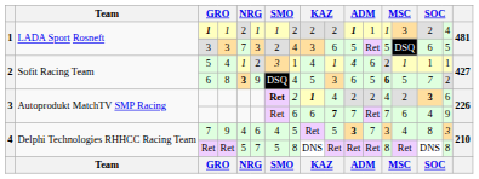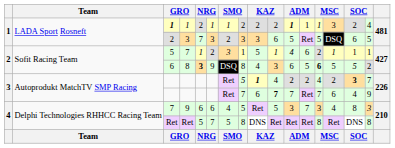 <table align=left| class="wikitable" style="font-size: 85%; text-align: center">
 <tr valign="top">
 <th valign="middle"></th>
 <th valign="middle">Team</th>
 <th colspan=2><a href='#'>GRO</a></th>
 <th colspan=2><a href='#'>NRG</a></th>
 <th colspan=2><a href='#'>SMO</a></th>
 <th colspan=2><a href='#'>KAZ</a></th>
 <th colspan=2><a href='#'>ADM</a></th>
 <th colspan=2><a href='#'>MSC</a></th>
 <th colspan=2><a href='#'>SOC</a></th>
 <th valign="middle"></th>
 </tr>
 <tr>
 <th rowspan="2">1</th>
 <td rowspan="2" align=left><a href='#'>LADA Sport</a> <a href='#'>Rosneft</a></td>
 <td style="background:#ffffbf;"><strong><em>1</em></strong></td>
 <td style="background:#ffffbf;"><em>1</em></td>
 <td style="background:#dfdfdf;">2</td>
 <td style="background:#ffffbf;"><em>1</em></td>
 <td style="background:#ffffbf;"><em>1</em></td>
 <td style="background:#dfdfdf;">2</td>
 <td style="background:#dfdfdf;">2</td>
 <td style="background:#dfdfdf;">2</td>
 <td style="background:#ffffbf;"><strong><em>1</em></strong></td>
 <td style="background:#ffffbf;">1</td>
 <td style="background:#ffffbf;"><em>1</em></td>
 <td style="background:#ffdf9f;">3</td>
 <td style="background:#dfdfdf;">2</td>
 <td style="background:#dfffdf;">4</td>
 <th rowspan="2">481</th>
 </tr>
 <tr>
-<td style="background:#dfdfdf;">3</td>
+<td style="background:#dfdfdf;">2</td>
 <td style="background:#ffdf9f;">3</td>
 <td style="background:#dfffdf;">7</td>
 <td style="background:#ffdf9f;">3</td>
 <td style="background:#dfdfdf;">2</td>
-<td style="background:#ffdf9f;">4</td>
+<td style="background:#ffdf9f;">3</td>
 <td style="background:#ffdf9f;">3</td>
 <td style="background:#dfffdf;">6</td>
 <td style="background:#dfffdf;">5</td>
 <td style="background:#efcfff;">Ret</td>
 <td style="background:#dfffdf;">5</td>
 <td style="background-color:#000000;color:white">DSQ</td>
 <td style="background:#dfffdf;">6</td>
 <td style="background:#dfffdf;">5</td>
 </tr>
 <tr>
 <th rowspan="2">2</th>
 <td rowspan="2" align=left>Sofit Racing Team</td>
 <td style="background:#dfffdf;">5</td>
-<td style="background:#dfffdf;">4</td>
+<td style="background:#dfffdf;">7</td>
 <td style="background:#ffffbf;"><em>1</em></td>
 <td style="background:#dfdfdf;">2</td>
 <td style="background:#ffdf9f;"><em>3</em></td>
 <td style="background:#ffffbf;">1</td>
-<td style="background:#dfffdf;">4</td>
+<td style="background:#dfffdf;">5</td>
 <td style="background:#ffffbf;"><em>1</em></td>
 <td style="background:#dfffdf;"><em>4</em></td>
 <td style="background:#dfffdf;">6</td>
 <td style="background:#dfdfdf;">2</td>
 <td style="background:#ffffbf;"><em>1</em></td>
 <td style="background:#ffffbf;">1</td>
 <td style="background:#ffffbf;">1</td>
 <th rowspan="2">427</th>
 </tr>
 <tr>
 <td style="background:#dfffdf;">6</td>
 <td style="background:#dfffdf;">8</td>
 <td style="background:#ffdf9f;"><strong>3</strong></td>
 <td style="background:#dfffdf;">9</td>
 <td style="background-color:#000000;color:white">DSQ</td>
+<td style="background:#dfffdf;">8</td>
 <td style="background:#dfffdf;">4</td>
-<td style="background:#dfffdf;">5</td>
 <td style="background:#ffdf9f;">3</td>
 <td style="background:#dfffdf;">6</td>
 <td style="background:#dfffdf;">5</td>
 <td style="background:#dfffdf;"><strong>6</strong></td>
 <td style="background:#dfffdf;">5</td>
-<td style="background:#dfffdf;"><em>7</em></td>
+<td style="background:#dfffdf;"><em>5</em></td>
 <td style="background:#dfdfdf;">2</td>
 </tr>
 <tr>
 <th rowspan="2">3</th>
 <td rowspan="2" align=left>Autoprodukt MatchTV <a href='#'>SMP Racing</a></td>
 <td></td>
 <td></td>
 <td></td>
 <td></td>
-<td style="background:#efcfff;"><strong>Ret</strong></td>
-<td style="background:#dfffdf;"><em>2</em></td>
+<td style="background:#efcfff;">Ret</td>
+<td style="background:#dfffdf;"><em>5</em></td>
 <td style="background:#ffffbf;"><strong><em>1</em></strong></td>
 <td style="background:#dfffdf;">4</td>
 <td style="background:#dfdfdf;">2</td>
 <td style="background:#dfdfdf;">2</td>
 <td style="background:#dfffdf;">4</td>
 <td style="background:#dfdfdf;">2</td>
 <td style="background:#ffdf9f;"><strong>3</strong></td>
-<td style="background:#dfffdf;">6</td>
+<td style="background:#dfffdf;">7</td>
 <th rowspan="2">226</th>
 </tr>
 <tr>
 <td></td>
 <td></td>
 <td></td>
 <td></td>
 <td style="background:#efcfff;">Ret</td>
-<td style="background:#dfffdf;">6</td>
+<td style="background:#dfffdf;">7</td>
 <td style="background:#dfffdf;">6</td>
 <td style="background:#dfffdf;"><strong>7</strong></td>
 <td style="background:#dfffdf;">7</td>
 <td style="background:#efcfff;">Ret</td>
 <td style="background:#dfffdf;">7</td>
 <td style="background:#dfffdf;">6</td>
 <td style="background:#dfffdf;">4</td>
 <td style="background:#dfffdf;">9</td>
 </tr>
 <tr>
 <th rowspan="2">4</th>
 <td rowspan="2" align=left>Delphi Technologies RHHCC Racing Team</td>
 <td style="background:#dfffdf;">7</td>
 <td style="background:#dfffdf;">9</td>
-<td style="background:#dfffdf;">4</td>
+<td style="background:#dfffdf;">6</td>
 <td style="background:#dfffdf;">6</td>
 <td style="background:#dfffdf;">4</td>
 <td style="background:#dfffdf;">5</td>
 <td style="background:#efcfff;">Ret</td>
 <td style="background:#dfffdf;">5</td>
-<td style="background:#ffdf9f;"><strong>3</strong></td>
+<td style="background:#ffdf9f;">3</td>
 <td style="background:#dfffdf;">7</td>
 <td style="background:#ffdf9f;">3</td>
 <td style="background:#dfffdf;">4</td>
 <td style="background:#dfffdf;">8</td>
 <td style="background:#ffdf9f;"><em>3</em></td>
 <th rowspan="2">210</th>
 </tr>
 <tr>
 <td style="background:#efcfff;">Ret</td>
 <td style="background:#efcfff;">Ret</td>
 <td style="background:#dfffdf;">5</td>
 <td style="background:#dfffdf;">7</td>
 <td style="background:#dfffdf;">5</td>
 <td style="background:#dfffdf;">8</td>
 <td style="background:#ffffff;">DNS</td>
 <td style="background:#efcfff;">Ret</td>
 <td style="background:#efcfff;">Ret</td>
 <td style="background:#efcfff;">Ret</td>
 <td style="background:#dfffdf;">8</td>
 <td style="background:#efcfff;">Ret</td>
 <td style="background:#ffffff;">DNS</td>
 <td style="background:#dfffdf;">8</td>
 </tr>
 <tr valign="top">
 <th valign="middle"></th>
 <th valign="middle">Team</th>
 <th colspan=2><a href='#'>GRO</a></th>
 <th colspan=2><a href='#'>NRG</a></th>
 <th colspan=2><a href='#'>SMO</a></th>
 <th colspan=2><a href='#'>KAZ</a></th>
 <th colspan=2><a href='#'>ADM</a></th>
 <th colspan=2><a href='#'>MSC</a></th>
 <th colspan=2><a href='#'>SOC</a></th>
 <th valign="middle"></th>
 </tr>
 </table>
